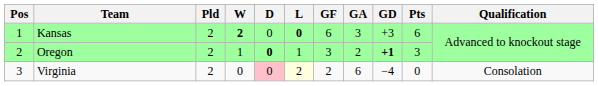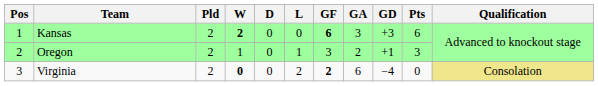 <table class="wikitable" style="text-align:center; margin: 1em auto">
 <tr>
 <th style="width:2em">Pos</th>
 <th style="width:13em">Team</th>
 <th style="width:2em">Pld</th>
 <th style="width:2em">W</th>
 <th style="width:2em">D</th>
 <th style="width:2em">L</th>
 <th style="width:2em">GF</th>
 <th style="width:2em">GA</th>
 <th style="width:2em">GD</th>
 <th style="width:2em">Pts</th>
 <th style="width:13em">Qualification</th>
 </tr>
 <tr bgcolor="#9eff9e">
 <td>1</td>
 <td style="text-align:left">Kansas</td>
 <td>2</td>
 <td><strong>2</strong></td>
 <td>0</td>
-<td><strong>0</strong></td>
-<td>6</td>
+<td>0</td>
+<td><strong>6</strong></td>
 <td>3</td>
 <td>+3</td>
 <td>6</td>
 <td rowspan="2">Advanced to knockout stage</td>
 </tr>
 <tr bgcolor="#9eff9e">
 <td>2</td>
 <td style="text-align:left">Oregon</td>
 <td>2</td>
 <td>1</td>
-<td><strong>0</strong></td>
+<td>0</td>
 <td>1</td>
 <td>3</td>
 <td>2</td>
-<td><strong>+1</strong></td>
+<td>+1</td>
 <td>3</td>
 </tr>
 <tr>
 <td>3</td>
 <td style="text-align:left">Virginia</td>
 <td>2</td>
+<td><strong>0</strong></td>
 <td>0</td>
-<td style="background: pink;">0</td>
-<td style="background: lightyellow;">2</td>
 <td>2</td>
+<td><strong>2</strong></td>
 <td>6</td>
 <td>−4</td>
 <td>0</td>
-<td>Consolation</td>
+<td style="background: khaki;">Consolation</td>
 </tr>
 </table>
